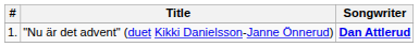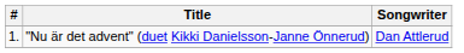 <table class="wikitable">
 <tr>
 <th>#</th>
 <th>Title</th>
 <th>Songwriter</th>
 </tr>
 <tr bgcolor="#ebf5ff">
 </tr>
 <tr>
 <td>1.</td>
 <td>"Nu är det advent" (<a href='#'>duet</a> <a href='#'>Kikki Danielsson</a>-<a href='#'>Janne Önnerud</a>)</td>
-<td><strong><a href='#'>Dan Attlerud</a></strong></td>
+<td><a href='#'>Dan Attlerud</a></td>
 </tr>
 <tr>
 </tr>
 </table>
